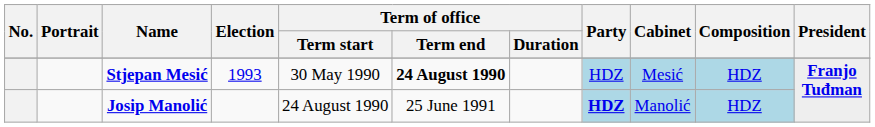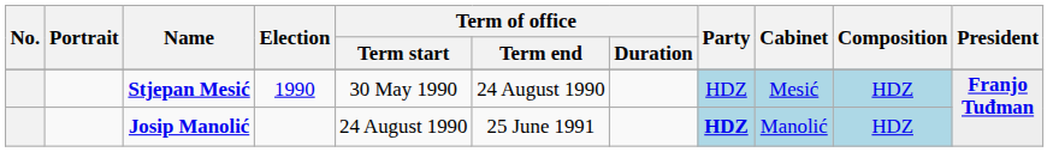 <table class="wikitable plainrowheaders" style="text-align:center;">
 <tr>
 <th rowspan="2">No.</th>
 <th rowspan="2">Portrait</th>
 <th rowspan="2">Name<br></th>
 <th rowspan="2">Election</th>
 <th colspan="3">Term of office</th>
 <th rowspan="2">Party</th>
 <th rowspan="2">Cabinet</th>
 <th rowspan="2">Composition</th>
 <th rowspan="2">President<br></th>
 </tr>
 <tr>
 <th>Term start</th>
 <th>Term end</th>
 <th>Duration</th>
 </tr>
 <tr>
 </tr>
 <tr style="background:">
 <th> </th>
 <td></td>
 <td><strong><a href='#'>Stjepan Mesić</a></strong><br></td>
-<td class="nowrap"><a href='#'>1993</a></td>
+<td class="nowrap"><a href='#'>1990</a></td>
 <td class="nowrap">30 May 1990</td>
-<td><strong>24 August 1990</strong></td>
+<td>24 August 1990</td>
 <td></td>
 <td style="background:#ADD8E6 "><a href='#'>HDZ<br></a></td>
 <td style="background:#ADD8E6 "><a href='#'>Mesić</a></td>
 <td style="background:#ADD8E6 "><a href='#'>HDZ</a></td>
 <td rowspan="2" scope="row" style="text-align:center;" bgcolor="#EEEEEE"><strong><a href='#'>Franjo<br>Tuđman</a></strong><br><br></td>
 </tr>
 <tr>
 <th> </th>
 <td></td>
 <td><strong><a href='#'>Josip Manolić</a></strong><br></td>
 <td class="nowrap"></td>
 <td class="nowrap" style="background:">24 August 1990</td>
 <td class="nowrap" style="background:">25 June 1991</td>
 <td></td>
 <td style="background:#ADD8E6 "><strong><a href='#'>HDZ<br></a></strong></td>
 <td style="background:#ADD8E6 "><a href='#'>Manolić</a></td>
 <td style="background:#ADD8E6 "><a href='#'>HDZ</a></td>
 </tr>
 </table>
